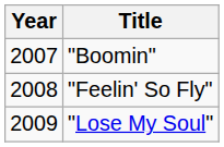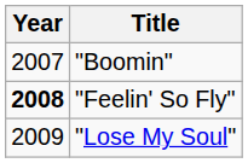 <table class=wikitable>
 <tr>
 <th>Year</th>
 <th>Title</th>
 </tr>
 <tr>
 <td>2007</td>
 <td>"Boomin"</td>
 </tr>
 <tr>
-<td>2008</td>
+<td><strong>2008</strong></td>
 <td>"Feelin' So Fly"</td>
 </tr>
 <tr>
 <td>2009</td>
 <td>"<a href='#'>Lose My Soul</a>"</td>
 </tr>
 </table>
